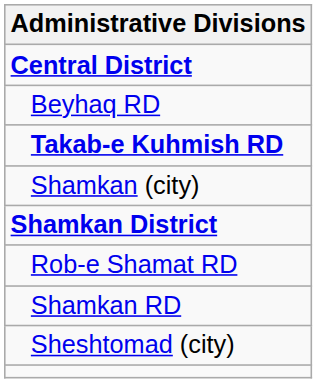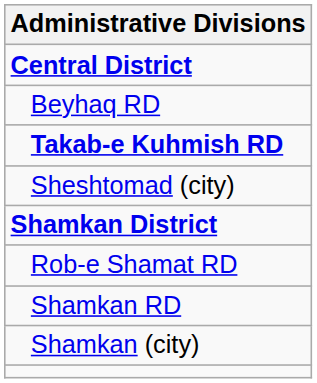 <table class="wikitable">
 <tr>
 <th>Administrative Divisions</th>
 </tr>
 <tr>
 <td><strong><a href='#'>Central District</a></strong></td>
 </tr>
 <tr>
 <td style="padding-left: 1em;"><a href='#'>Beyhaq RD</a></td>
 </tr>
 <tr>
 <td style="padding-left: 1em;"><strong><a href='#'>Takab-e Kuhmish RD</a></strong></td>
 </tr>
 <tr>
-<td style="padding-left: 1em;"><a href='#'>Shamkan</a> (city)</td>
+<td style="padding-left: 1em;"><a href='#'>Sheshtomad</a> (city)</td>
 </tr>
 <tr>
 <td><strong><a href='#'>Shamkan District</a></strong></td>
 </tr>
 <tr>
 <td style="padding-left: 1em;"><a href='#'>Rob-e Shamat RD</a></td>
 </tr>
 <tr>
 <td style="padding-left: 1em;"><a href='#'>Shamkan RD</a></td>
 </tr>
 <tr>
-<td style="padding-left: 1em;"><a href='#'>Sheshtomad</a> (city)</td>
+<td style="padding-left: 1em;"><a href='#'>Shamkan</a> (city)</td>
 </tr>
 <tr>
 <td colspan=1></td>
 </tr>
 </table>
